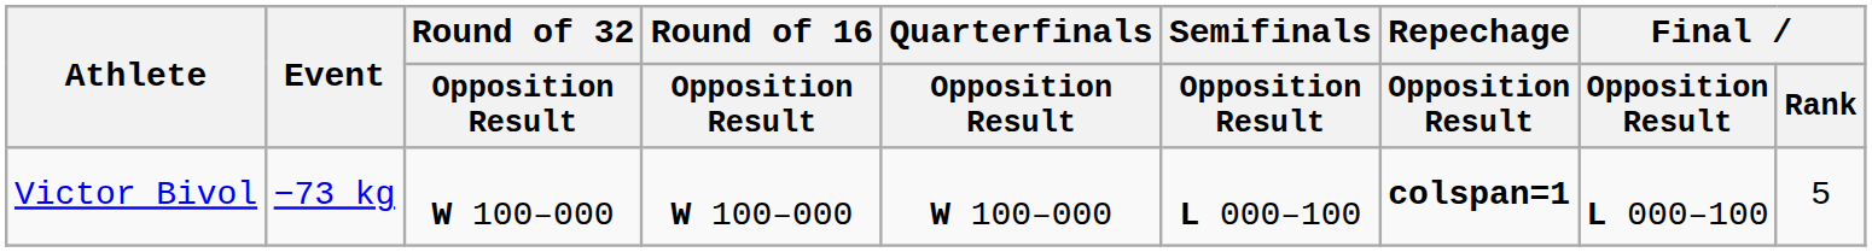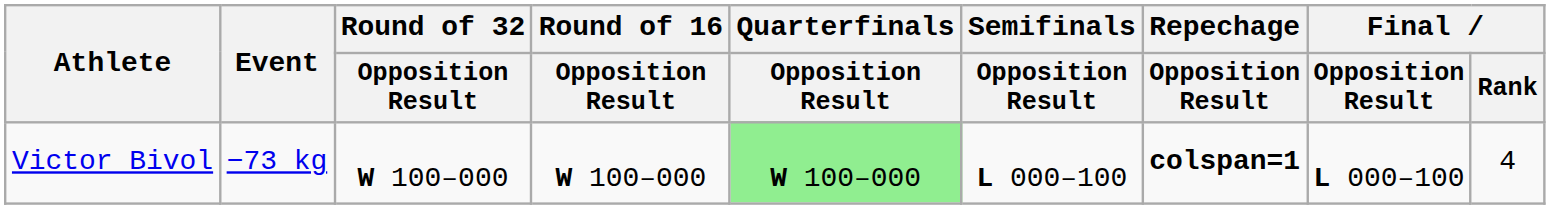 <table class="wikitable" style="font-size:90%">
 <tr>
 <th rowspan="2">Athlete</th>
 <th rowspan="2">Event</th>
 <th>Round of 32</th>
 <th>Round of 16</th>
 <th>Quarterfinals</th>
 <th>Semifinals</th>
 <th>Repechage</th>
 <th colspan=2>Final / </th>
 </tr>
 <tr style="font-size:90%">
 <th>Opposition<br>Result</th>
 <th>Opposition<br>Result</th>
 <th>Opposition<br>Result</th>
 <th>Opposition<br>Result</th>
 <th>Opposition<br>Result</th>
 <th>Opposition<br>Result</th>
 <th>Rank</th>
 </tr>
 <tr align=center>
 <td align=left><a href='#'>Victor Bivol</a></td>
 <td align=left><a href='#'>−73 kg</a></td>
 <td><br><strong>W</strong> 100–000</td>
 <td><br><strong>W</strong> 100–000</td>
-<td><br><strong>W</strong> 100–000</td>
+<td style="background: lightgreen;"><br><strong>W</strong> 100–000</td>
 <td><br><strong>L</strong> 000–100</td>
 <td><strong>colspan=1 </strong></td>
 <td><br><strong>L</strong> 000–100</td>
-<td>5</td>
+<td>4</td>
 </tr>
 </table>
